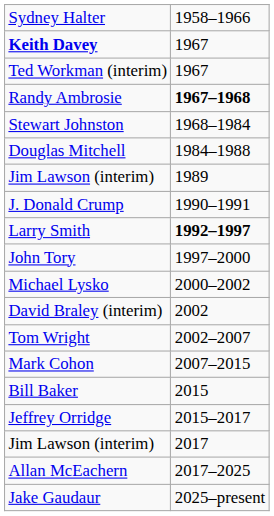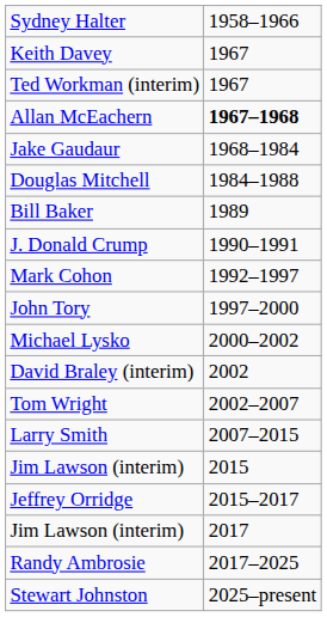 <table class="wikitable">
 <tr>
 <td><a href='#'>Sydney Halter</a></td>
 <td>1958–1966</td>
 </tr>
 <tr>
-<td><strong><a href='#'>Keith Davey</a></strong></td>
+<td><a href='#'>Keith Davey</a></td>
 <td>1967</td>
 </tr>
 <tr>
 <td><a href='#'>Ted Workman</a> (interim)</td>
 <td>1967</td>
 </tr>
 <tr>
-<td><a href='#'>Randy Ambrosie</a></td>
+<td><a href='#'>Allan McEachern</a></td>
 <td><strong>1967–1968</strong></td>
 </tr>
 <tr>
-<td><a href='#'>Stewart Johnston</a></td>
+<td><a href='#'>Jake Gaudaur</a></td>
 <td>1968–1984</td>
 </tr>
 <tr>
 <td><a href='#'>Douglas Mitchell</a></td>
 <td>1984–1988</td>
 </tr>
 <tr>
-<td><a href='#'>Jim Lawson</a> (interim)</td>
+<td><a href='#'>Bill Baker</a></td>
 <td>1989</td>
 </tr>
 <tr>
 <td><a href='#'>J. Donald Crump</a></td>
 <td>1990–1991</td>
 </tr>
 <tr>
-<td><a href='#'>Larry Smith</a></td>
-<td><strong>1992–1997</strong></td>
+<td><a href='#'>Mark Cohon</a></td>
+<td>1992–1997</td>
 </tr>
 <tr>
 <td><a href='#'>John Tory</a></td>
 <td>1997–2000</td>
 </tr>
 <tr>
 <td><a href='#'>Michael Lysko</a></td>
 <td>2000–2002</td>
 </tr>
 <tr>
 <td><a href='#'>David Braley</a> (interim)</td>
 <td>2002</td>
 </tr>
 <tr>
 <td><a href='#'>Tom Wright</a></td>
 <td>2002–2007</td>
 </tr>
 <tr>
-<td><a href='#'>Mark Cohon</a></td>
+<td><a href='#'>Larry Smith</a></td>
 <td>2007–2015</td>
 </tr>
 <tr>
-<td><a href='#'>Bill Baker</a></td>
+<td><a href='#'>Jim Lawson</a> (interim)</td>
 <td>2015</td>
 </tr>
 <tr>
 <td><a href='#'>Jeffrey Orridge</a></td>
 <td>2015–2017</td>
 </tr>
 <tr>
 <td>Jim Lawson (interim)</td>
 <td>2017</td>
 </tr>
 <tr>
-<td><a href='#'>Allan McEachern</a></td>
+<td><a href='#'>Randy Ambrosie</a></td>
 <td>2017–2025</td>
 </tr>
 <tr>
-<td><a href='#'>Jake Gaudaur</a></td>
+<td><a href='#'>Stewart Johnston</a></td>
 <td>2025–present</td>
 </tr>
 </table>
